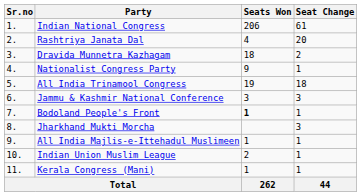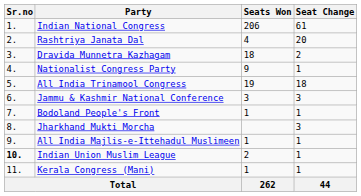 <table class="wikitable">
 <tr>
 <th>Sr.no</th>
 <th>Party</th>
 <th>Seats Won</th>
 <th>Seat Change</th>
 </tr>
 <tr>
 <td>1.</td>
 <td><a href='#'>Indian National Congress</a></td>
 <td>206</td>
 <td> 61</td>
 </tr>
 <tr>
 <td>2.</td>
 <td><a href='#'>Rashtriya Janata Dal</a></td>
 <td>4</td>
 <td> 20</td>
 </tr>
 <tr>
 <td>3.</td>
 <td><a href='#'>Dravida Munnetra Kazhagam</a></td>
 <td>18</td>
 <td> 2</td>
 </tr>
 <tr>
 <td>4.</td>
 <td><a href='#'>Nationalist Congress Party</a></td>
 <td>9</td>
 <td> 1</td>
 </tr>
 <tr>
 <td>5.</td>
 <td><a href='#'>All India Trinamool Congress</a></td>
 <td>19</td>
 <td> 18</td>
 </tr>
 <tr>
 <td>6.</td>
 <td><a href='#'>Jammu & Kashmir National Conference</a></td>
 <td>3</td>
 <td> 3</td>
 </tr>
 <tr>
 <td>7.</td>
 <td><a href='#'>Bodoland People's Front</a></td>
-<td><strong>1</strong></td>
+<td>1</td>
 <td> 1</td>
 </tr>
 <tr>
 <td>8.</td>
 <td><a href='#'>Jharkhand Mukti Morcha</a></td>
 <td></td>
 <td> 3</td>
 </tr>
 <tr>
 <td>9.</td>
 <td><a href='#'>All India Majlis-e-Ittehadul Muslimeen</a></td>
 <td>1</td>
 <td> 1</td>
 </tr>
 <tr>
-<td>10.</td>
+<td><strong>10.</strong></td>
 <td><a href='#'>Indian Union Muslim League</a></td>
 <td>2</td>
 <td> 1</td>
 </tr>
 <tr>
 <td>11.</td>
 <td><a href='#'>Kerala Congress (Mani)</a></td>
 <td>1</td>
 <td> 1</td>
 </tr>
 <tr>
 <th colspan="2">Total</th>
 <th>262</th>
 <th> 44</th>
 </tr>
 </table>
